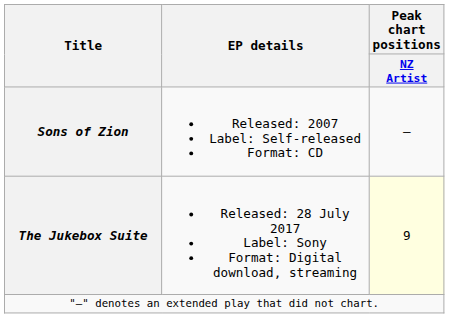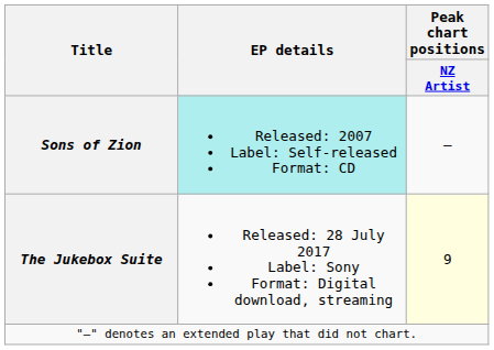 <table class="wikitable plainrowheaders" style="text-align:center;">
 <tr>
 <th scope="col" rowspan="2" style="width:12em;">Title</th>
 <th scope="col" rowspan="2" style="width:16em;">EP details</th>
 <th scope="col" colspan="1">Peak chart positions</th>
 </tr>
 <tr>
 <th scope="col" style="width:3em;font-size:90%;"><a href='#'>NZ<br>Artist</a><br></th>
 </tr>
 <tr>
 <th scope="row"><em>Sons of Zion</em></th>
-<td><br><ul><li>Released: 2007</li><li>Label: Self-released</li><li>Format: CD</li></ul></td>
+<td style="background: paleturquoise;"><br><ul><li>Released: 2007</li><li>Label: Self-released</li><li>Format: CD</li></ul></td>
 <td>—</td>
 </tr>
 <tr>
 <th scope="row"><em>The Jukebox Suite</em></th>
 <td><br><ul><li>Released: 28 July 2017</li><li>Label: Sony</li><li>Format: Digital download, streaming</li></ul></td>
 <td style="background: lightyellow;">9</td>
 </tr>
 <tr>
 <td colspan="4" style="text-align:center; font-size:85%">"—" denotes an extended play that did not chart.</td>
 </tr>
 </table>
